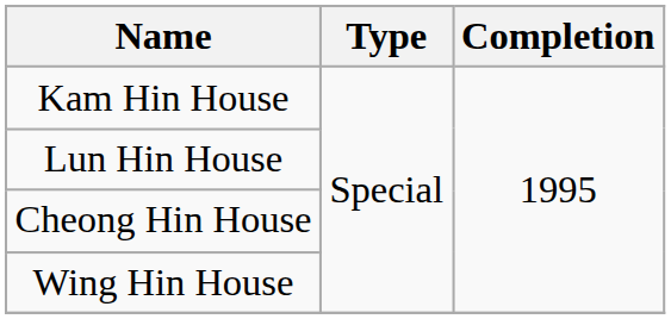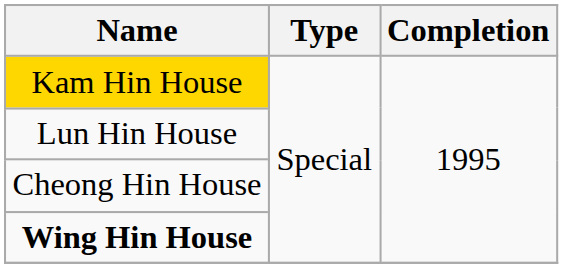 <table class="wikitable" style="text-align: center">
 <tr>
 <th>Name</th>
 <th>Type</th>
 <th>Completion</th>
 </tr>
 <tr>
-<td>Kam Hin House</td>
+<td style="background: gold;">Kam Hin House</td>
 <td rowspan="4">Special</td>
 <td rowspan="4">1995</td>
 </tr>
 <tr>
 <td>Lun Hin House</td>
 </tr>
 <tr>
 <td>Cheong Hin House</td>
 </tr>
 <tr>
-<td>Wing Hin House</td>
+<td><strong>Wing Hin House</strong></td>
 </tr>
 <tr>
 </tr>
 </table>
